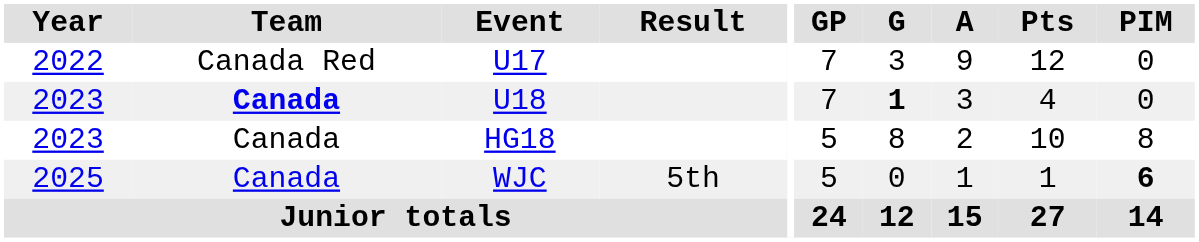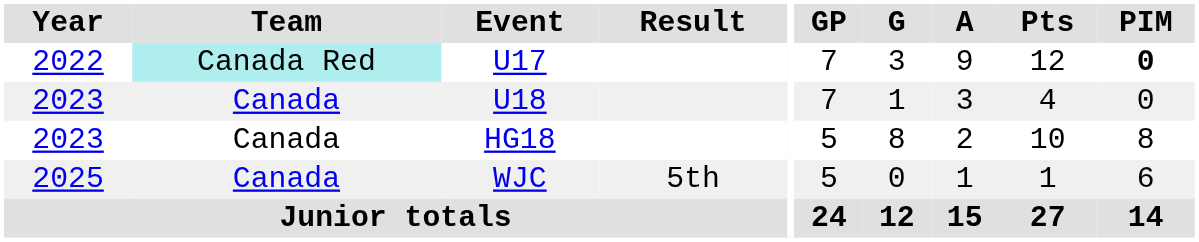 <table border="0" cellpadding="1" cellspacing="0" ID="Table3" style="text-align:center; width:40em;">
 <tr bgcolor="#e0e0e0">
 <th>Year</th>
 <th>Team</th>
 <th>Event</th>
 <th>Result</th>
 <th rowspan="101" bgcolor="#ffffff"></th>
 <th>GP</th>
 <th>G</th>
 <th>A</th>
 <th>Pts</th>
 <th>PIM</th>
 </tr>
 <tr>
 <td><a href='#'>2022</a></td>
-<td>Canada Red</td>
+<td style="background: paleturquoise;">Canada Red</td>
 <td><a href='#'>U17</a></td>
 <td></td>
 <td>7</td>
 <td>3</td>
 <td>9</td>
 <td>12</td>
-<td>0</td>
+<td><strong>0</strong></td>
 </tr>
 <tr bgcolor="f0f0f0">
 <td><a href='#'>2023</a></td>
-<td><strong><a href='#'>Canada</a></strong></td>
+<td><a href='#'>Canada</a></td>
 <td><a href='#'>U18</a></td>
 <td></td>
 <td>7</td>
-<td><strong>1</strong></td>
+<td>1</td>
 <td>3</td>
 <td>4</td>
 <td>0</td>
 </tr>
 <tr>
 <td><a href='#'>2023</a></td>
 <td>Canada</td>
 <td><a href='#'>HG18</a></td>
 <td></td>
 <td>5</td>
 <td>8</td>
 <td>2</td>
 <td>10</td>
 <td>8</td>
 </tr>
 <tr bgcolor="#f0f0f0">
 <td><a href='#'>2025</a></td>
 <td><a href='#'>Canada</a></td>
 <td><a href='#'>WJC</a></td>
 <td>5th</td>
 <td>5</td>
 <td>0</td>
 <td>1</td>
 <td>1</td>
-<td><strong>6</strong></td>
+<td>6</td>
 </tr>
 <tr bgcolor="#e0e0e0">
 <th colspan="4">Junior totals</th>
 <th>24</th>
 <th>12</th>
 <th>15</th>
 <th>27</th>
 <th>14</th>
 </tr>
 </table>
